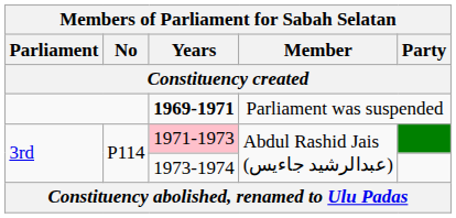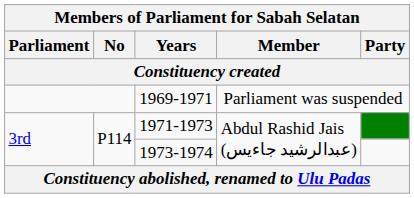 <table class=wikitable>
 <tr>
 <th colspan="5">Members of Parliament for Sabah Selatan</th>
 </tr>
 <tr>
 <th>Parliament</th>
 <th>No</th>
 <th>Years</th>
 <th>Member</th>
 <th>Party</th>
 </tr>
 <tr>
 <th colspan="5" align="center"><em>Constituency created</em></th>
 </tr>
 <tr>
 <td colspan="2"></td>
-<td><strong>1969-1971</strong></td>
+<td>1969-1971</td>
 <td colspan=2 align=center>Parliament was suspended</td>
 </tr>
 <tr>
 <td rowspan=2><a href='#'>3rd</a></td>
 <td rowspan="2">P114</td>
-<td style="background: pink;">1971-1973</td>
+<td>1971-1973</td>
 <td rowspan=2>Abdul Rashid Jais  <br>(عبدالرشيد جاءيس)</td>
 <td bgcolor=#008000></td>
 </tr>
 <tr>
 <td>1973-1974</td>
 <td></td>
 </tr>
 <tr>
 <th colspan="5" align="center"><em>Constituency abolished, renamed to <a href='#'>Ulu Padas</a></em></th>
 </tr>
 </table>
